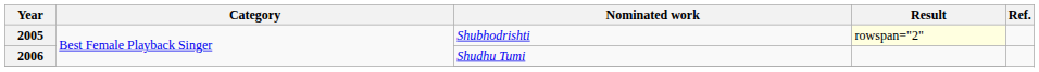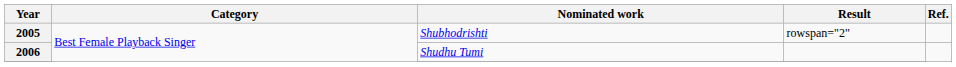 <table class="wikitable plainrowheaders" width="100%" textcolor:#000;">
 <tr>
 <th scope="col" width=5%><strong>Year</strong></th>
 <th scope="col" width=39%><strong>Category</strong></th>
 <th scope="col" width=39%><strong>Nominated work</strong></th>
 <th scope="col" width=15%><strong>Result</strong></th>
 <th scope="col" width=2%><strong>Ref.</strong></th>
 </tr>
 <tr>
 <th scope="row">2005</th>
 <td rowspan="3"><a href='#'>Best Female Playback Singer</a></td>
 <td><em><a href='#'>Shubhodrishti</a></em></td>
-<td style="background: lightyellow;">rowspan="2" </td>
+<td>rowspan="2" </td>
 <td></td>
 </tr>
 <tr>
 <th scope="row">2006</th>
 <td><em><a href='#'>Shudhu Tumi</a></em></td>
 <td></td>
 </tr>
 <tr>
 </tr>
 </table>
